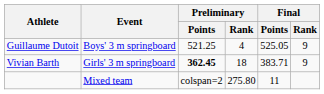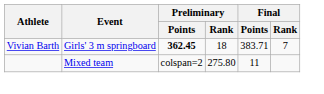 <table class="wikitable" style="font-size:90%;">
 <tr>
 <th rowspan=2>Athlete</th>
 <th rowspan=2>Event</th>
 <th colspan=2>Preliminary</th>
 <th colspan=2>Final</th>
 </tr>
 <tr>
 <th>Points</th>
 <th>Rank</th>
 <th>Points</th>
 <th>Rank</th>
 </tr>
 <tr align=center>
-<td align=left><a href='#'>Guillaume Dutoit</a></td>
-<td align=left><a href='#'>Boys' 3 m springboard</a></td>
-<td>521.25</td>
-<td>4</td>
-<td>525.05</td>
-<td>9</td>
-</tr>
-<tr align=center>
 <td align=left><a href='#'>Vivian Barth</a></td>
 <td align=left><a href='#'>Girls' 3 m springboard</a></td>
 <td><strong>362.45</strong></td>
 <td>18</td>
 <td>383.71</td>
-<td>9</td>
+<td>7</td>
 </tr>
 <tr align=center>
 <td align=left><br></td>
 <td align=left><a href='#'>Mixed team</a></td>
 <td>colspan=2 </td>
 <td>275.80</td>
 <td>11</td>
 </tr>
 </table>
